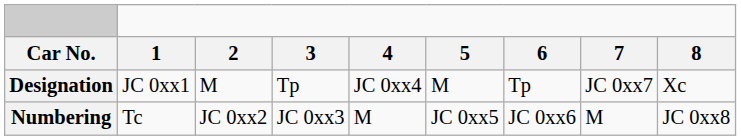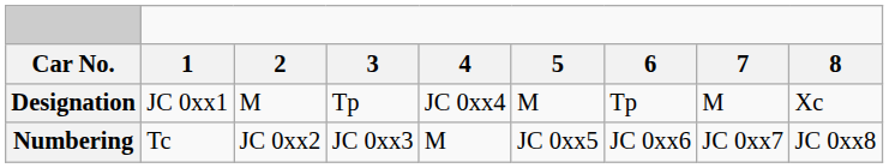 <table class="wikitable">
 <tr style="border-bottom:solid 5px #">
 <td style="background-color:#ccc;"> </td>
 <td colspan="8"></td>
 </tr>
 <tr>
 <th>Car No.</th>
 <th>1</th>
 <th>2</th>
 <th>3</th>
 <th>4</th>
 <th>5</th>
 <th>6</th>
 <th>7</th>
 <th>8</th>
 </tr>
 <tr>
 <th>Designation</th>
 <td>JC 0xx1</td>
 <td>M</td>
 <td>Tp</td>
 <td>JC 0xx4</td>
 <td>M</td>
 <td>Tp</td>
-<td>JC 0xx7</td>
+<td>M</td>
 <td>Xc</td>
 </tr>
 <tr>
 <th>Numbering</th>
 <td>Tc</td>
 <td>JC 0xx2</td>
 <td>JC 0xx3</td>
 <td>M</td>
 <td>JC 0xx5</td>
 <td>JC 0xx6</td>
-<td>M</td>
+<td>JC 0xx7</td>
 <td>JC 0xx8</td>
 </tr>
 </table>
